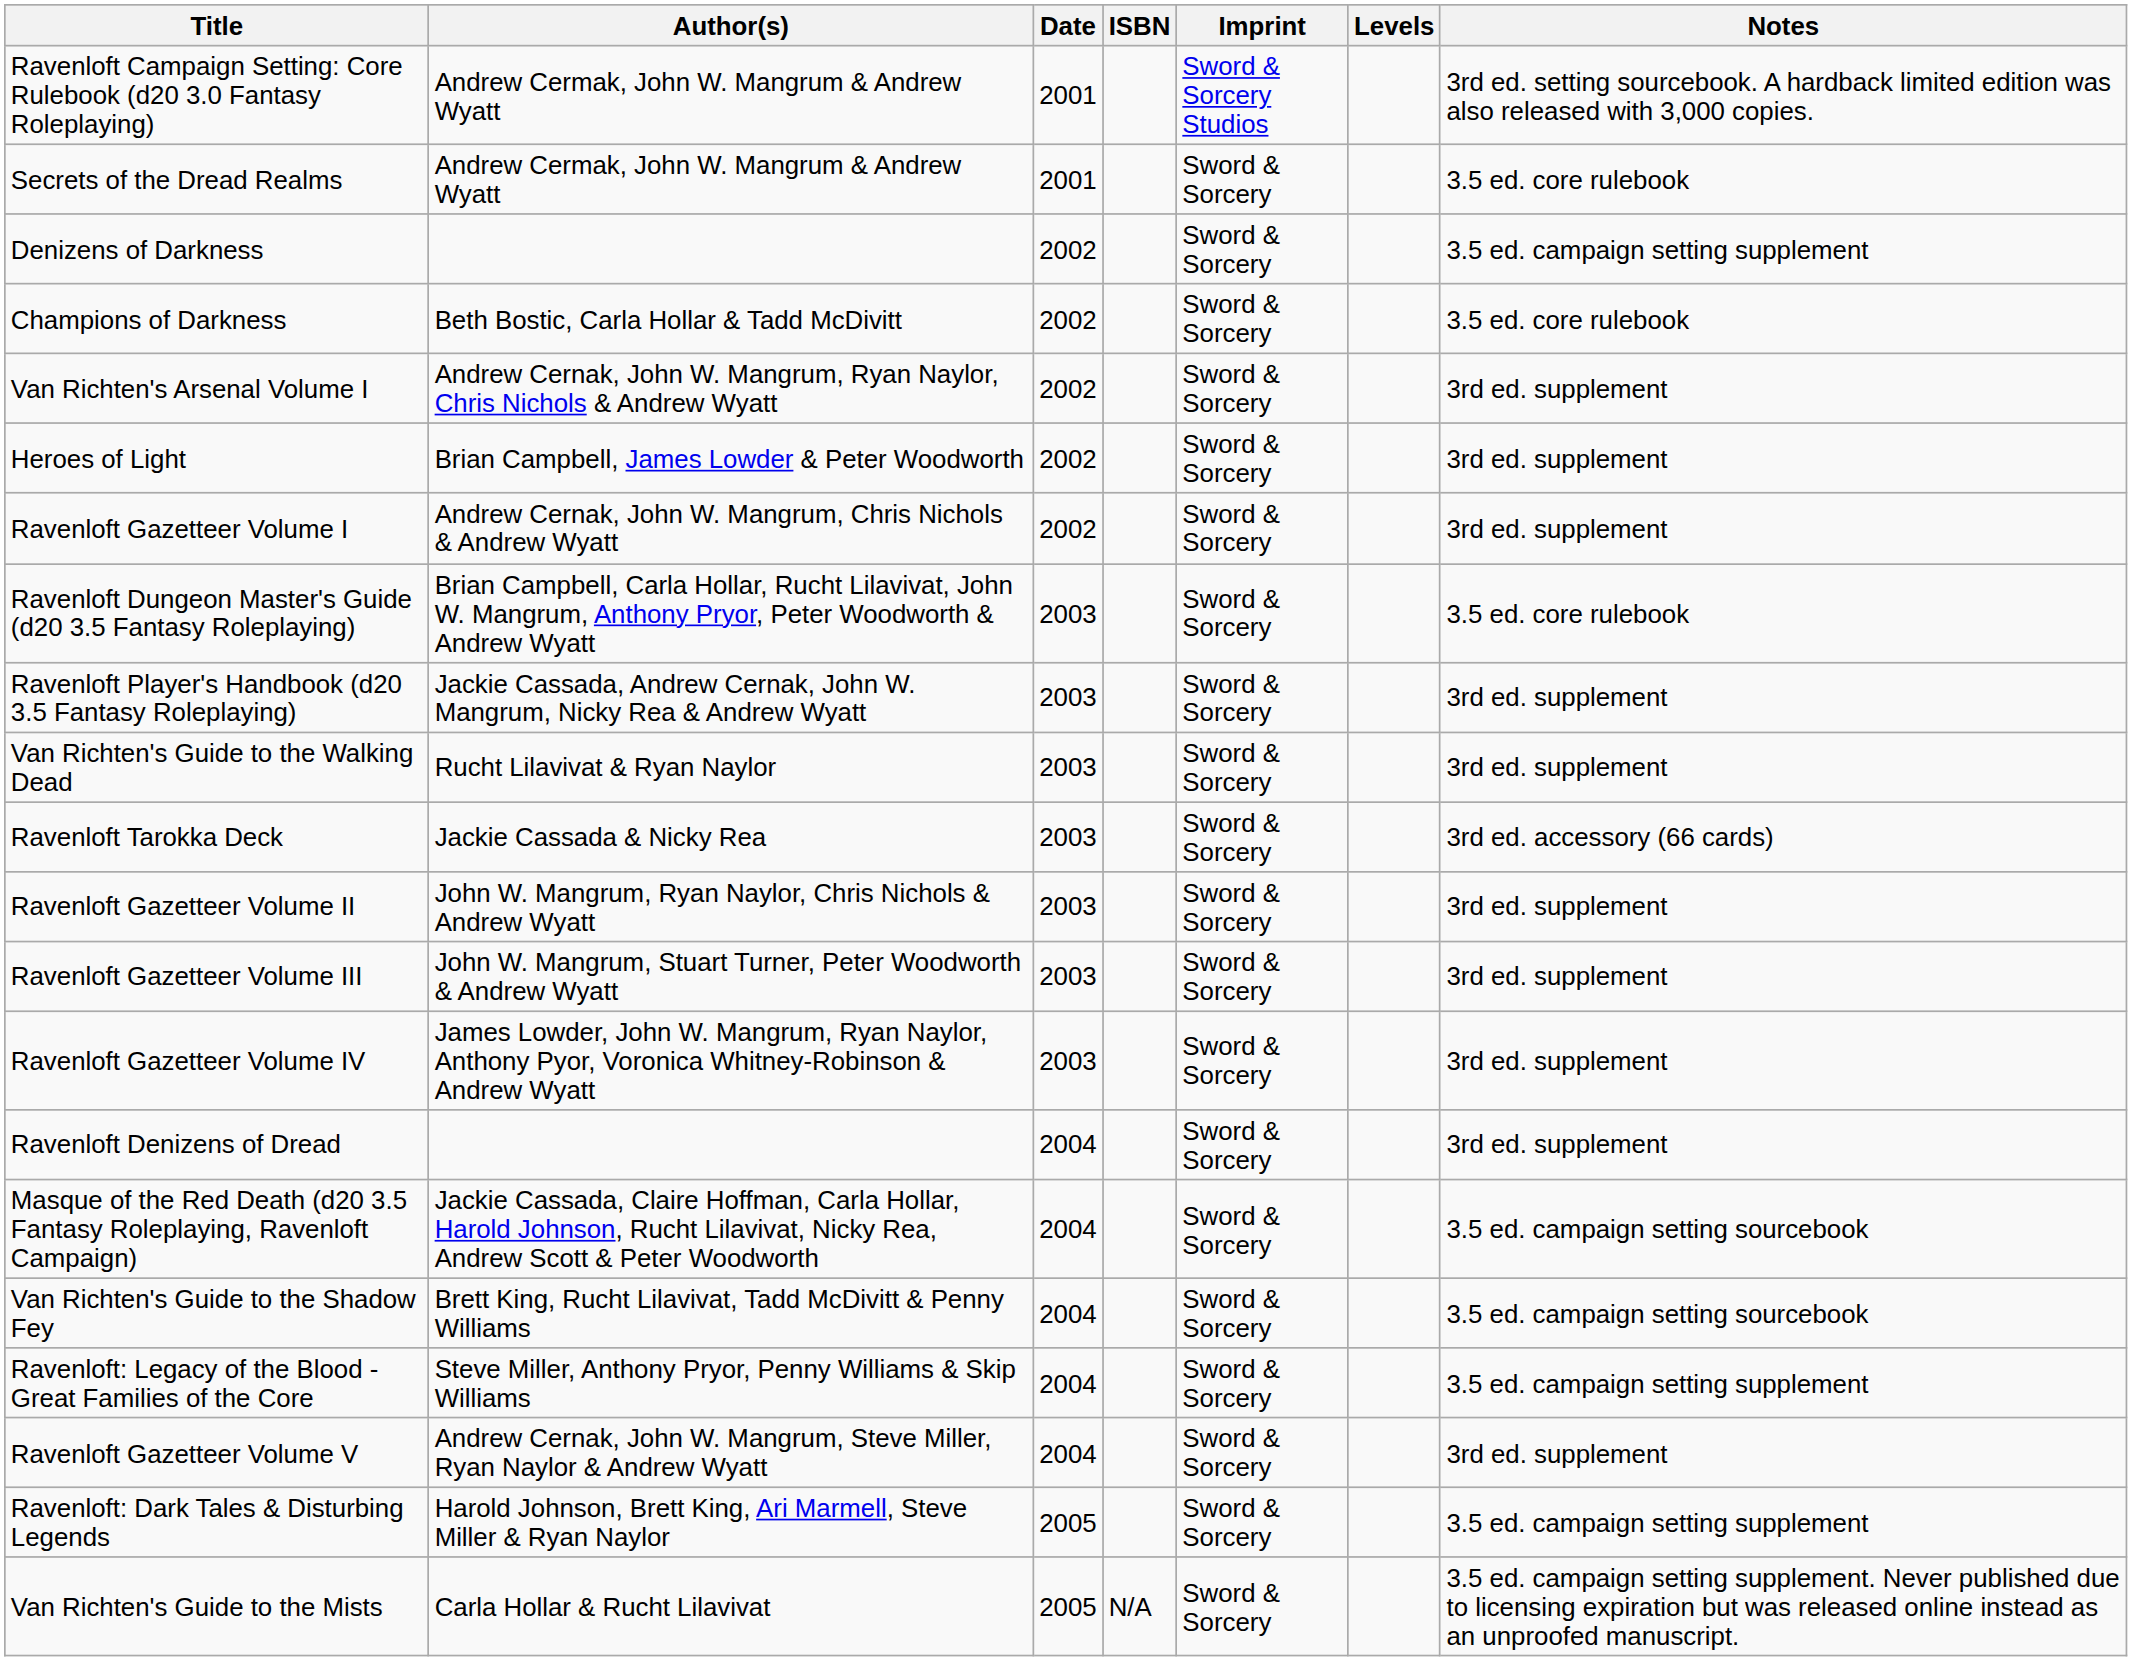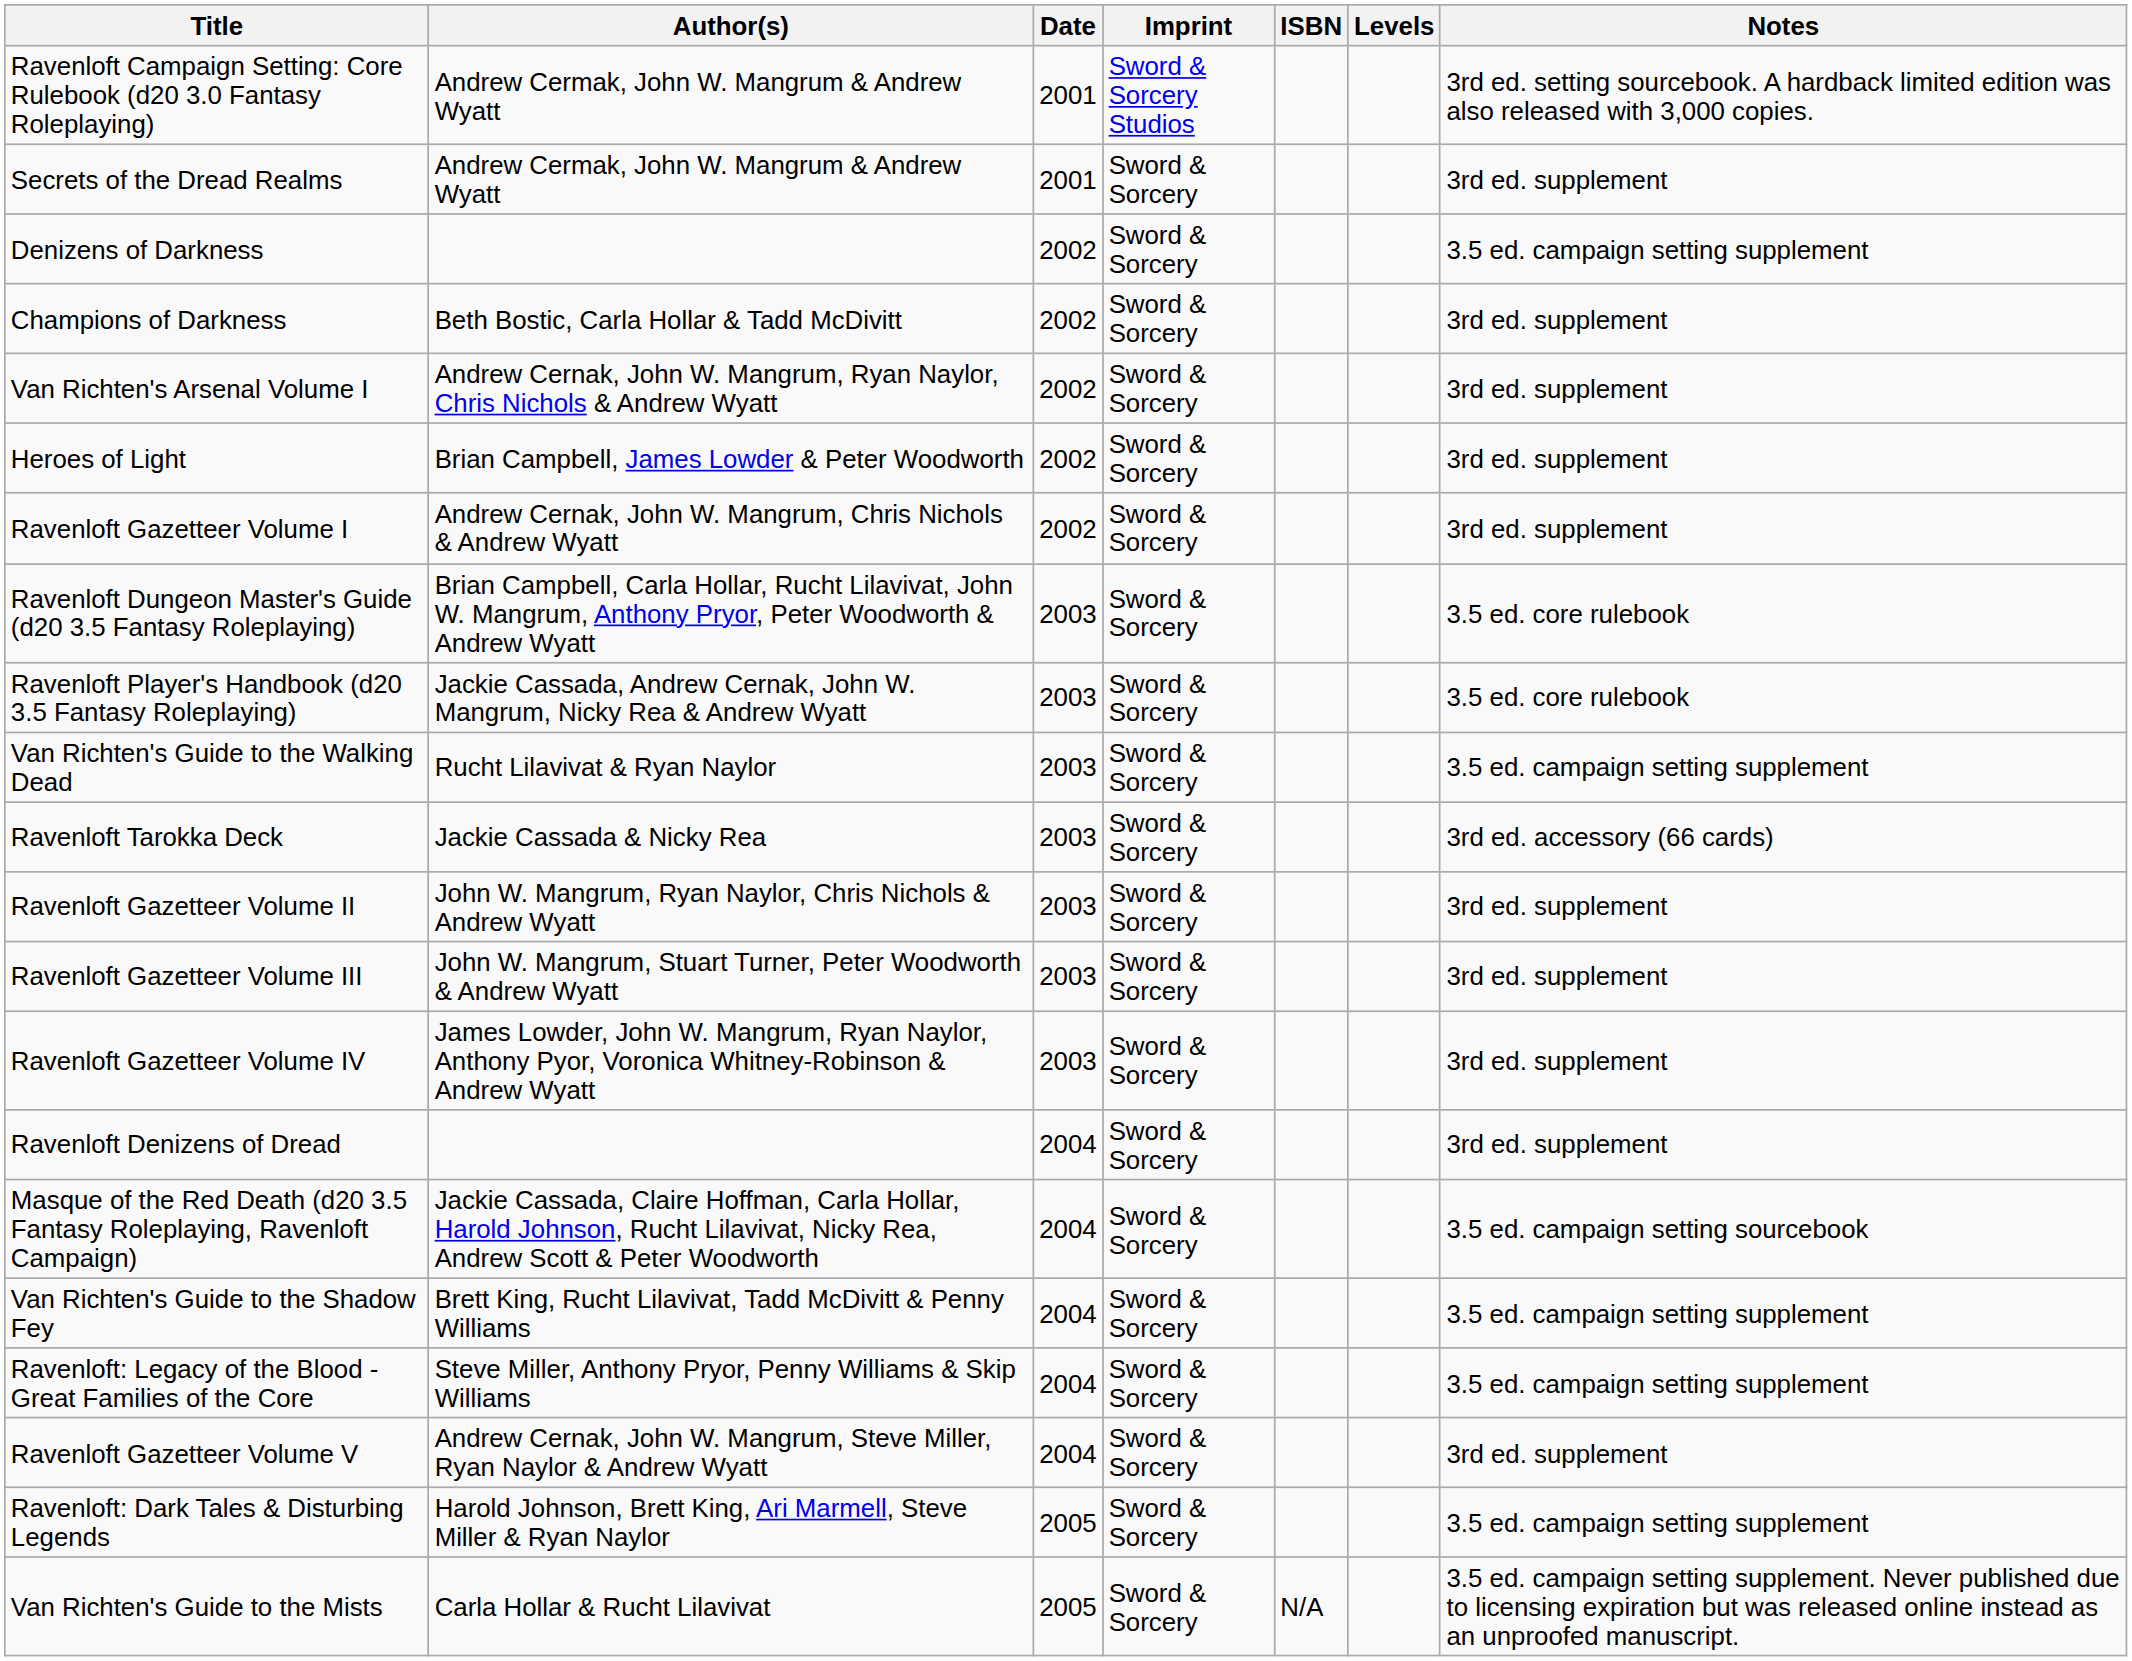 <table class="wikitable sortable" style="margins:auto; width=95%; font-size: 95%;">
 <tr>
 <th>Title</th>
 <th>Author(s)</th>
 <th>Date</th>
+<th>Imprint</th>
 <th>ISBN</th>
-<th>Imprint</th>
 <th>Levels</th>
 <th>Notes</th>
 </tr>
 <tr>
 <td>Ravenloft Campaign Setting: Core Rulebook (d20 3.0 Fantasy Roleplaying)</td>
 <td>Andrew Cermak, John W. Mangrum & Andrew Wyatt</td>
 <td>2001</td>
+<td><a href='#'>Sword & Sorcery Studios</a></td>
 <td></td>
-<td><a href='#'>Sword & Sorcery Studios</a></td>
 <td></td>
 <td>3rd ed. setting sourcebook. A hardback limited edition was also released with 3,000 copies.</td>
 </tr>
 <tr>
 <td>Secrets of the Dread Realms</td>
 <td>Andrew Cermak, John W. Mangrum & Andrew Wyatt</td>
 <td>2001</td>
-<td></td>
 <td>Sword & Sorcery</td>
 <td></td>
-<td>3.5 ed. core rulebook</td>
+<td></td>
+<td>3rd ed. supplement</td>
 </tr>
 <tr>
 <td>Denizens of Darkness</td>
 <td></td>
 <td>2002</td>
+<td>Sword & Sorcery</td>
 <td></td>
-<td>Sword & Sorcery</td>
 <td></td>
 <td>3.5 ed. campaign setting supplement</td>
 </tr>
 <tr>
 <td>Champions of Darkness</td>
 <td>Beth Bostic, Carla Hollar & Tadd McDivitt</td>
 <td>2002</td>
-<td></td>
 <td>Sword & Sorcery</td>
 <td></td>
-<td>3.5 ed. core rulebook</td>
+<td></td>
+<td>3rd ed. supplement</td>
 </tr>
 <tr>
 <td>Van Richten's Arsenal Volume I</td>
 <td>Andrew Cernak, John W. Mangrum, Ryan Naylor, <a href='#'>Chris Nichols</a> & Andrew Wyatt</td>
 <td>2002</td>
+<td>Sword & Sorcery</td>
 <td></td>
-<td>Sword & Sorcery</td>
 <td></td>
 <td>3rd ed. supplement</td>
 </tr>
 <tr>
 <td>Heroes of Light</td>
 <td>Brian Campbell, <a href='#'>James Lowder</a> & Peter Woodworth</td>
 <td>2002</td>
+<td>Sword & Sorcery</td>
 <td></td>
-<td>Sword & Sorcery</td>
 <td></td>
 <td>3rd ed. supplement</td>
 </tr>
 <tr>
 <td>Ravenloft Gazetteer Volume I</td>
 <td>Andrew Cernak, John W. Mangrum, Chris Nichols & Andrew Wyatt</td>
 <td>2002</td>
+<td>Sword & Sorcery</td>
 <td></td>
-<td>Sword & Sorcery</td>
 <td></td>
 <td>3rd ed. supplement</td>
 </tr>
 <tr>
 <td>Ravenloft Dungeon Master's Guide (d20 3.5 Fantasy Roleplaying)</td>
 <td>Brian Campbell, Carla Hollar, Rucht Lilavivat, John W. Mangrum, <a href='#'>Anthony Pryor</a>, Peter Woodworth & Andrew Wyatt</td>
 <td>2003</td>
+<td>Sword & Sorcery</td>
 <td></td>
-<td>Sword & Sorcery</td>
 <td></td>
 <td>3.5 ed. core rulebook</td>
 </tr>
 <tr>
 <td>Ravenloft Player's Handbook (d20 3.5 Fantasy Roleplaying)</td>
 <td>Jackie Cassada, Andrew Cernak, John W. Mangrum, Nicky Rea & Andrew Wyatt</td>
 <td>2003</td>
-<td></td>
 <td>Sword & Sorcery</td>
 <td></td>
-<td>3rd ed. supplement</td>
+<td></td>
+<td>3.5 ed. core rulebook</td>
 </tr>
 <tr>
 <td>Van Richten's Guide to the Walking Dead</td>
 <td>Rucht Lilavivat & Ryan Naylor</td>
 <td>2003</td>
-<td></td>
 <td>Sword & Sorcery</td>
 <td></td>
-<td>3rd ed. supplement</td>
+<td></td>
+<td>3.5 ed. campaign setting supplement</td>
 </tr>
 <tr>
 <td>Ravenloft Tarokka Deck</td>
 <td>Jackie Cassada & Nicky Rea</td>
 <td>2003</td>
+<td>Sword & Sorcery</td>
 <td></td>
-<td>Sword & Sorcery</td>
 <td></td>
 <td>3rd ed. accessory (66 cards)</td>
 </tr>
 <tr>
 <td>Ravenloft Gazetteer Volume II</td>
 <td>John W. Mangrum, Ryan Naylor, Chris Nichols & Andrew Wyatt</td>
 <td>2003</td>
+<td>Sword & Sorcery</td>
 <td></td>
-<td>Sword & Sorcery</td>
 <td></td>
 <td>3rd ed. supplement</td>
 </tr>
 <tr>
 <td>Ravenloft Gazetteer Volume III</td>
 <td>John W. Mangrum, Stuart Turner, Peter Woodworth & Andrew Wyatt</td>
 <td>2003</td>
+<td>Sword & Sorcery</td>
 <td></td>
-<td>Sword & Sorcery</td>
 <td></td>
 <td>3rd ed. supplement</td>
 </tr>
 <tr>
 <td>Ravenloft Gazetteer Volume IV</td>
 <td>James Lowder, John W. Mangrum, Ryan Naylor, Anthony Pyor, Voronica Whitney-Robinson & Andrew Wyatt</td>
 <td>2003</td>
+<td>Sword & Sorcery</td>
 <td></td>
-<td>Sword & Sorcery</td>
 <td></td>
 <td>3rd ed. supplement</td>
 </tr>
 <tr>
 <td>Ravenloft Denizens of Dread</td>
 <td></td>
 <td>2004</td>
+<td>Sword & Sorcery</td>
 <td></td>
-<td>Sword & Sorcery</td>
 <td></td>
 <td>3rd ed. supplement</td>
 </tr>
 <tr>
 <td>Masque of the Red Death (d20 3.5 Fantasy Roleplaying, Ravenloft Campaign)</td>
 <td>Jackie Cassada, Claire Hoffman, Carla Hollar, <a href='#'>Harold Johnson</a>, Rucht Lilavivat, Nicky Rea, Andrew Scott & Peter Woodworth</td>
 <td>2004</td>
+<td>Sword & Sorcery</td>
 <td></td>
-<td>Sword & Sorcery</td>
 <td></td>
 <td>3.5 ed. campaign setting sourcebook</td>
 </tr>
 <tr>
 <td>Van Richten's Guide to the Shadow Fey</td>
 <td>Brett King, Rucht Lilavivat, Tadd McDivitt & Penny Williams</td>
 <td>2004</td>
-<td></td>
 <td>Sword & Sorcery</td>
 <td></td>
-<td>3.5 ed. campaign setting sourcebook</td>
+<td></td>
+<td>3.5 ed. campaign setting supplement</td>
 </tr>
 <tr>
 <td>Ravenloft: Legacy of the Blood - Great Families of the Core</td>
 <td>Steve Miller, Anthony Pryor, Penny Williams & Skip Williams</td>
 <td>2004</td>
+<td>Sword & Sorcery</td>
 <td></td>
-<td>Sword & Sorcery</td>
 <td></td>
 <td>3.5 ed. campaign setting supplement</td>
 </tr>
 <tr>
 <td>Ravenloft Gazetteer Volume V</td>
 <td>Andrew Cernak, John W. Mangrum, Steve Miller, Ryan Naylor & Andrew Wyatt</td>
 <td>2004</td>
+<td>Sword & Sorcery</td>
 <td></td>
-<td>Sword & Sorcery</td>
 <td></td>
 <td>3rd ed. supplement</td>
 </tr>
 <tr>
 <td>Ravenloft: Dark Tales & Disturbing Legends</td>
 <td>Harold Johnson, Brett King, <a href='#'>Ari Marmell</a>, Steve Miller & Ryan Naylor</td>
 <td>2005</td>
+<td>Sword & Sorcery</td>
 <td></td>
-<td>Sword & Sorcery</td>
 <td></td>
 <td>3.5 ed. campaign setting supplement</td>
 </tr>
 <tr>
 <td>Van Richten's Guide to the Mists</td>
 <td>Carla Hollar & Rucht Lilavivat</td>
 <td>2005</td>
+<td>Sword & Sorcery</td>
 <td>N/A</td>
-<td>Sword & Sorcery</td>
 <td></td>
 <td>3.5 ed. campaign setting supplement. Never published due to licensing expiration but was released online instead as an unproofed manuscript.</td>
 </tr>
 </table>
